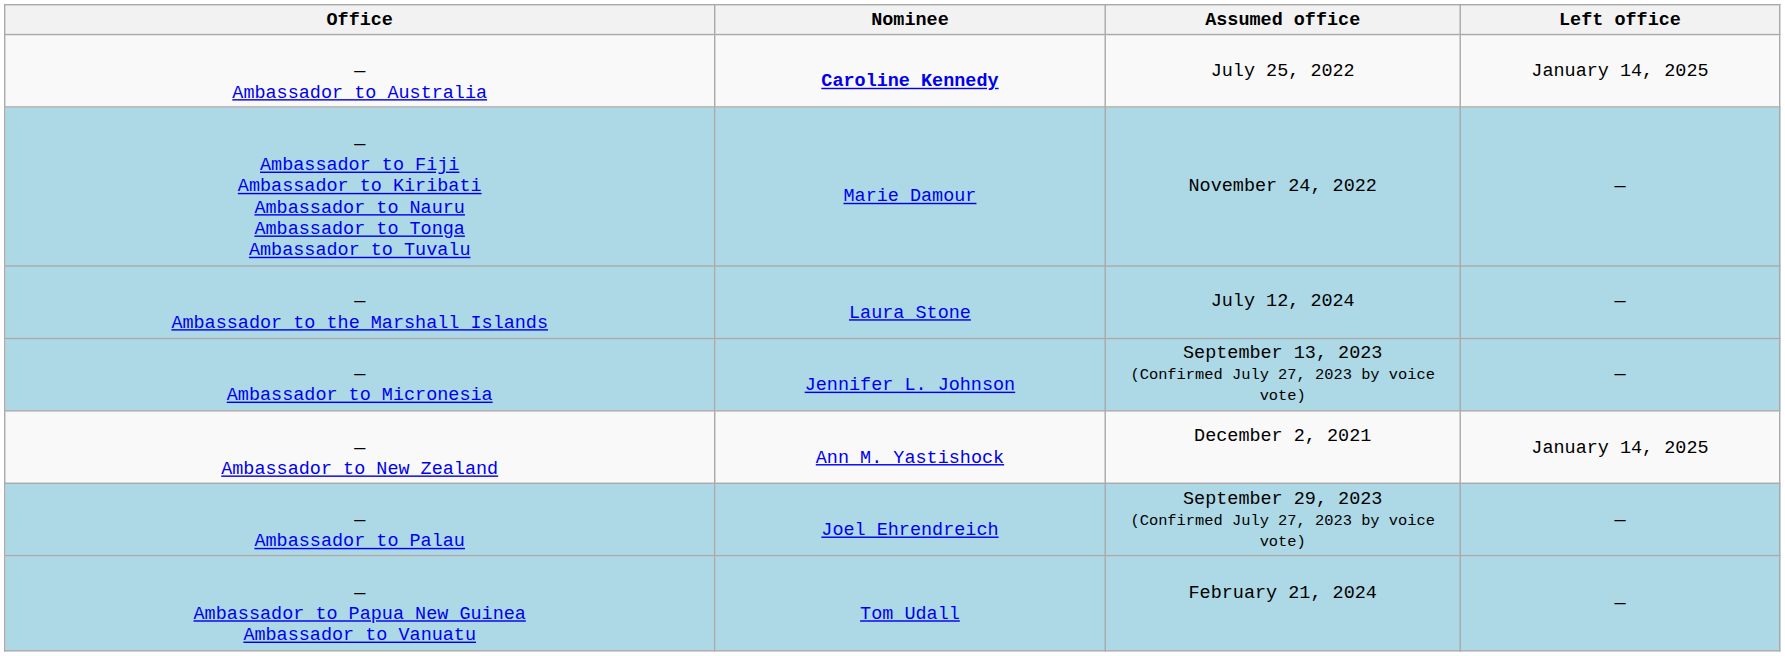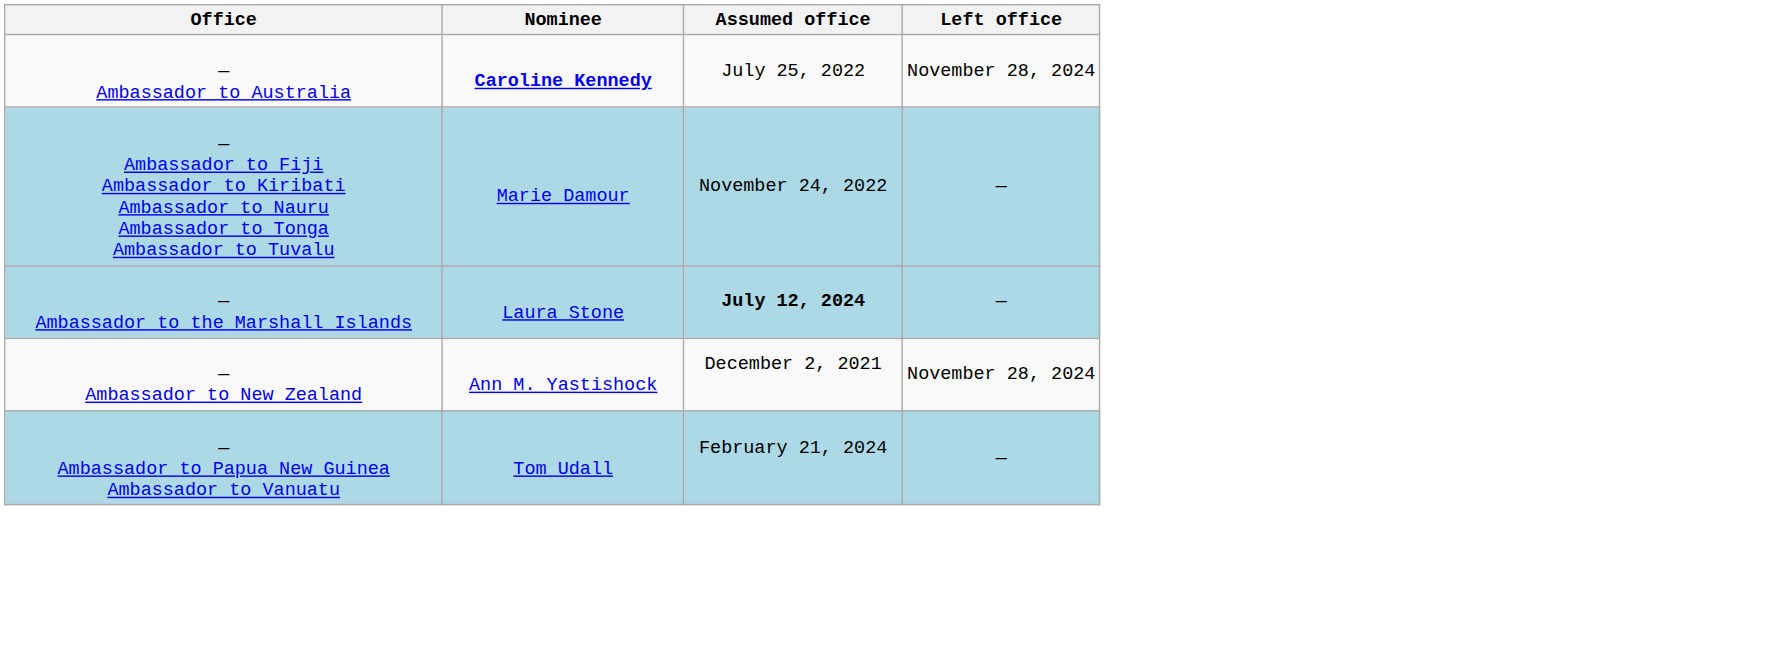 <table class="wikitable sortable" style="text-align:center">
 <tr>
 <th style="width:40%;">Office</th>
 <th style="width:22%;">Nominee</th>
 <th style="width:20%;" data-sort-type="date">Assumed office</th>
 <th style="width:18%;" data-sort-type="date">Left office</th>
 </tr>
 <tr>
 <td><br>—<br><a href='#'>Ambassador to Australia</a></td>
 <td><strong><br><a href='#'>Caroline Kennedy</a></strong></td>
 <td>July 25, 2022<br></td>
-<td>January 14, 2025</td>
+<td>November 28, 2024</td>
 </tr>
 <tr style="background:lightblue">
 <td><br>—<br><a href='#'>Ambassador to Fiji</a><br> <a href='#'>Ambassador to Kiribati</a><br> <a href='#'>Ambassador to Nauru</a><br> <a href='#'>Ambassador to Tonga</a><br> <a href='#'>Ambassador to Tuvalu</a><br></td>
 <td><br><a href='#'>Marie Damour</a></td>
 <td>November 24, 2022<br></td>
 <td>—</td>
 </tr>
 <tr style="background:lightblue;">
 <td><br>—<br><a href='#'>Ambassador to the Marshall Islands</a></td>
 <td><br><a href='#'>Laura Stone</a></td>
-<td>July 12, 2024<br></td>
-<td>—</td>
-</tr>
-<tr style="background:lightblue">
-<td><br>—<br><a href='#'>Ambassador to Micronesia</a></td>
-<td><br><a href='#'>Jennifer L. Johnson</a></td>
-<td>September 13, 2023<br><small>(Confirmed July 27, 2023 by voice vote)</small></td>
+<td><strong>July 12, 2024<br></strong></td>
 <td>—</td>
 </tr>
 <tr>
 <td><br>—<br><a href='#'>Ambassador to New Zealand</a></td>
 <td><br><a href='#'>Ann M. Yastishock</a></td>
 <td>December 2, 2021<br><br></td>
-<td>January 14, 2025</td>
-</tr>
-<tr style="background:lightblue">
-<td><br>—<br><a href='#'>Ambassador to Palau</a></td>
-<td><br><a href='#'>Joel Ehrendreich</a></td>
-<td>September 29, 2023<br><small>(Confirmed July 27, 2023 by voice vote)</small></td>
-<td>—</td>
+<td>November 28, 2024</td>
 </tr>
 <tr style="background:lightblue">
 <td><br>—<br><a href='#'>Ambassador to Papua New Guinea</a><br> <a href='#'>Ambassador to Vanuatu</a><br></td>
 <td><br><a href='#'>Tom Udall</a></td>
 <td>February 21, 2024<br><br></td>
 <td>—</td>
 </tr>
 </table>
